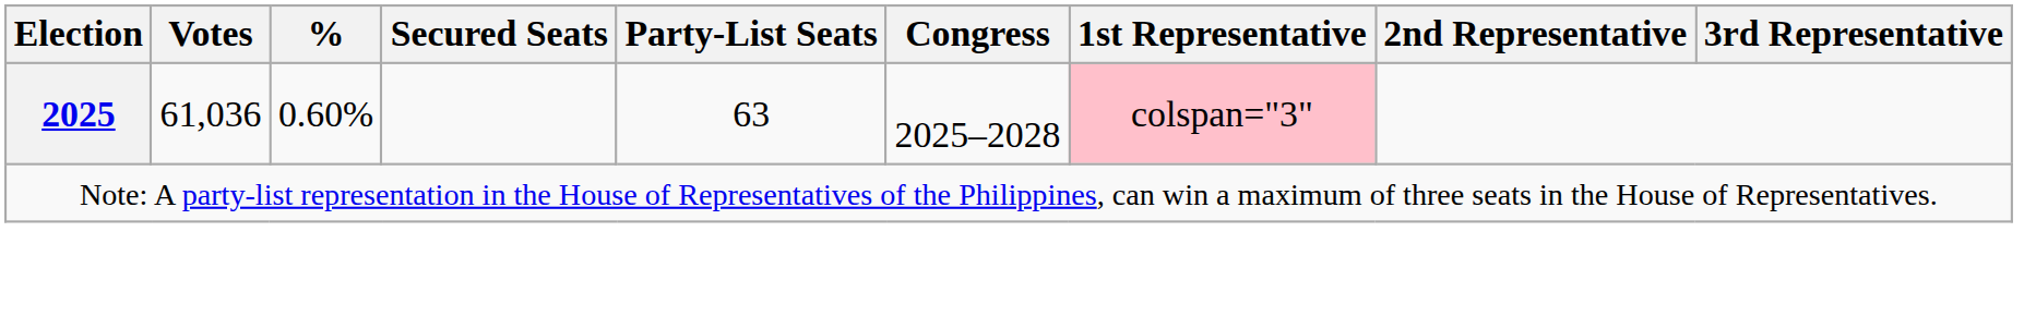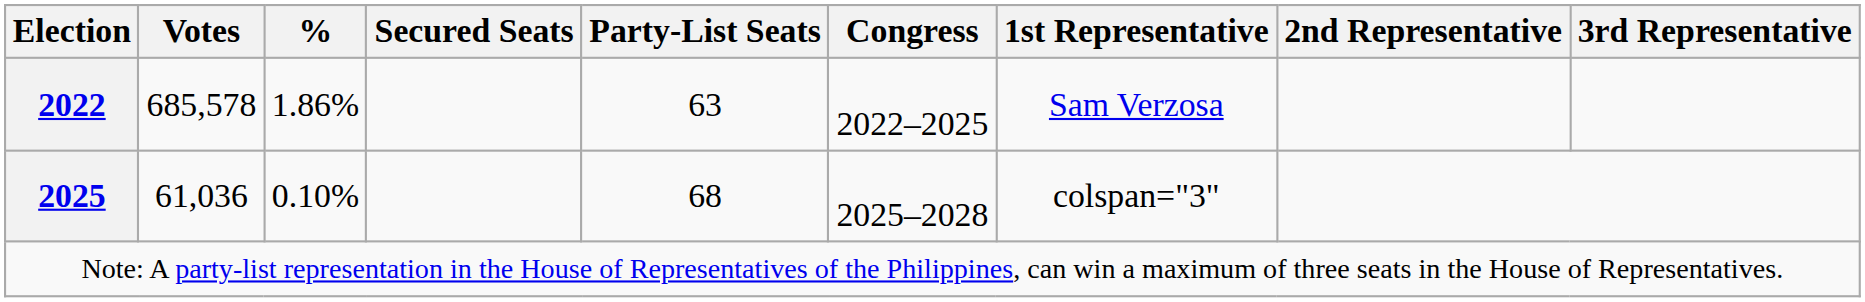 <table class=wikitable style="text-align:center">
 <tr>
 <th>Election</th>
 <th>Votes</th>
 <th>%</th>
 <th>Secured Seats</th>
 <th>Party-List Seats</th>
 <th>Congress</th>
 <th>1st Representative</th>
 <th>2nd Representative</th>
 <th>3rd Representative</th>
 </tr>
 <tr>
+<th><a href='#'>2022</a></th>
+<td>685,578</td>
+<td>1.86%</td>
+<td></td>
+<td>63</td>
+<td><small><a href='#'></a></small><br>2022–2025</td>
+<td><a href='#'>Sam Verzosa</a></td>
+<td></td>
+<td></td>
+</tr>
+<tr>
 <th><a href='#'>2025</a></th>
 <td>61,036</td>
-<td>0.60%</td>
+<td>0.10%</td>
 <td></td>
-<td>63</td>
+<td>68</td>
 <td><small><a href='#'></a></small><br>2025–2028</td>
-<td style="background: pink;">colspan="3" </td>
+<td>colspan="3" </td>
 </tr>
 <tr>
 <td colspan="9"><small>Note: A <a href='#'>party-list representation in the House of Representatives of the Philippines</a>, can win a maximum of three seats in the House of Representatives.</small></td>
 </tr>
 </table>
